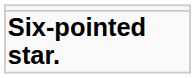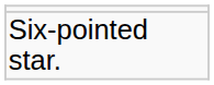 <table width=100px style= "float:left; clear: left; border: 1px #cccccc solid; border-collapse: collapse; background: #f9f9f9; margin:5px 10px 5px 0px;">
 <tr>
 <td></td>
 </tr>
 <tr>
-<td style= "font-size: 85%; border: 1px #cccccc solid; "><strong>Six-pointed star.</strong></td>
+<td style= "font-size: 85%; border: 1px #cccccc solid; ">Six-pointed star.</td>
 </tr>
 </table>
